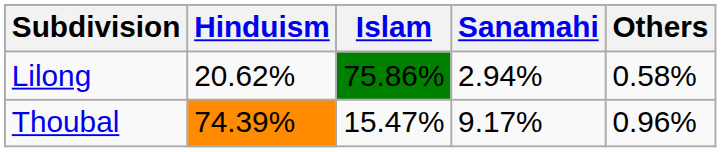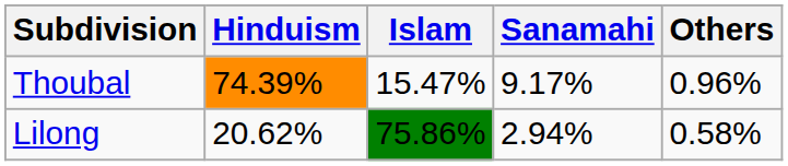 <table class = "wikitable sortable">
 <tr>
 <th>Subdivision</th>
 <th><a href='#'>Hinduism</a></th>
 <th><a href='#'>Islam</a></th>
 <th><a href='#'>Sanamahi</a></th>
 <th>Others</th>
 </tr>
 <tr ----->
+<td><a href='#'>Thoubal</a></td>
+<td style="background:darkorange">74.39%</td>
+<td>15.47%</td>
+<td>9.17%</td>
+<td>0.96%</td>
+</tr>
+<tr ----->
 <td><a href='#'>Lilong</a></td>
 <td>20.62%</td>
 <td style="background:green"><span>75.86%</span></td>
 <td>2.94%</td>
 <td>0.58%</td>
 </tr>
-<tr ----->
-<td><a href='#'>Thoubal</a></td>
-<td style="background:darkorange">74.39%</td>
-<td>15.47%</td>
-<td>9.17%</td>
-<td>0.96%</td>
-</tr>
 </table>
